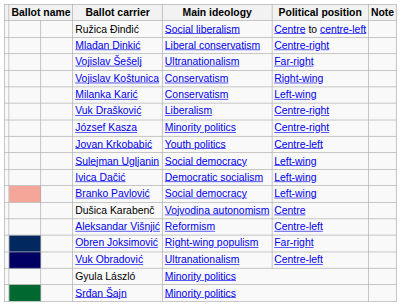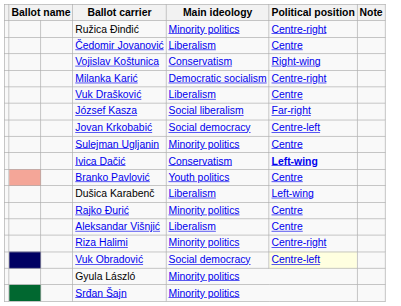 <table class="wikitable">
 <tr>
 <th></th>
 <th colspan="2">Ballot name</th>
 <th>Ballot carrier</th>
 <th>Main ideology</th>
 <th>Political position</th>
 <th>Note </th>
 </tr>
 <tr>
 <td></td>
 <td style="background:"></td>
 <td></td>
 <td>Ružica Đinđić</td>
-<td><a href='#'>Social liberalism</a></td>
-<td><a href='#'>Centre</a> to <a href='#'>centre-left</a></td>
-<td></td>
-</tr>
-<tr>
-<td></td>
-<td style="background:"></td>
-<td></td>
-<td><a href='#'>Mlađan Dinkić</a></td>
-<td><a href='#'>Liberal conservatism</a></td>
+<td><a href='#'>Minority politics</a></td>
 <td><a href='#'>Centre-right</a></td>
 <td></td>
 </tr>
 <tr>
 <td></td>
 <td style="background:"></td>
 <td></td>
-<td><a href='#'>Vojislav Šešelj</a></td>
-<td><a href='#'>Ultranationalism</a></td>
-<td><a href='#'>Far-right</a></td>
+<td><a href='#'>Čedomir Jovanović</a></td>
+<td><a href='#'>Liberalism</a></td>
+<td><a href='#'>Centre</a></td>
 <td></td>
 </tr>
 <tr>
 <td></td>
 <td style="background:"></td>
 <td></td>
 <td><a href='#'>Vojislav Koštunica</a></td>
 <td><a href='#'>Conservatism</a></td>
 <td><a href='#'>Right-wing</a></td>
 <td></td>
 </tr>
 <tr>
 <td></td>
 <td style="background:"></td>
 <td></td>
 <td><a href='#'>Milanka Karić</a></td>
-<td><a href='#'>Conservatism</a></td>
-<td><a href='#'>Left-wing</a></td>
+<td><a href='#'>Democratic socialism</a></td>
+<td><a href='#'>Centre-right</a></td>
 <td></td>
 </tr>
 <tr>
 <td></td>
 <td style="background:"></td>
 <td></td>
 <td><a href='#'>Vuk Drašković</a></td>
 <td><a href='#'>Liberalism</a></td>
-<td><a href='#'>Centre-right</a></td>
+<td><a href='#'>Centre</a></td>
 <td></td>
 </tr>
 <tr>
 <td></td>
 <td style="background:"></td>
 <td></td>
 <td><a href='#'>József Kasza</a></td>
-<td><a href='#'>Minority politics</a></td>
-<td><a href='#'>Centre-right</a></td>
+<td><a href='#'>Social liberalism</a></td>
+<td><a href='#'>Far-right</a></td>
 <td></td>
 </tr>
 <tr>
 <td></td>
 <td style="background:"></td>
 <td></td>
 <td><a href='#'>Jovan Krkobabić</a></td>
-<td><a href='#'>Youth politics</a></td>
+<td><a href='#'>Social democracy</a></td>
 <td><a href='#'>Centre-left</a></td>
 <td></td>
 </tr>
 <tr>
 <td></td>
 <td style="background:"></td>
 <td></td>
 <td><a href='#'>Sulejman Ugljanin</a></td>
-<td><a href='#'>Social democracy</a></td>
+<td><a href='#'>Minority politics</a></td>
+<td><a href='#'>Centre</a></td>
+<td></td>
+</tr>
+<tr>
+<td></td>
+<td style="background:"></td>
+<td></td>
+<td><a href='#'>Ivica Dačić</a></td>
+<td><a href='#'>Conservatism</a></td>
+<td><strong><a href='#'>Left-wing</a></strong></td>
+<td></td>
+</tr>
+<tr>
+<td></td>
+<td style="background:#F4A698"></td>
+<td></td>
+<td><a href='#'>Branko Pavlović</a></td>
+<td><a href='#'>Youth politics</a></td>
+<td><a href='#'>Centre</a></td>
+<td></td>
+</tr>
+<tr>
+<td></td>
+<td style="background:"></td>
+<td></td>
+<td>Dušica Karabenč</td>
+<td><a href='#'>Liberalism</a></td>
 <td><a href='#'>Left-wing</a></td>
 <td></td>
 </tr>
 <tr>
 <td></td>
 <td style="background:"></td>
 <td></td>
-<td><a href='#'>Ivica Dačić</a></td>
-<td><a href='#'>Democratic socialism</a></td>
-<td><a href='#'>Left-wing</a></td>
-<td></td>
-</tr>
-<tr>
-<td></td>
-<td style="background:#F4A698"></td>
-<td></td>
-<td><a href='#'>Branko Pavlović</a></td>
-<td><a href='#'>Social democracy</a></td>
-<td><a href='#'>Left-wing</a></td>
-<td></td>
-</tr>
-<tr>
-<td></td>
-<td style="background:"></td>
-<td></td>
-<td>Dušica Karabenč</td>
-<td><a href='#'>Vojvodina autonomism</a></td>
+<td><a href='#'>Rajko Đurić</a></td>
+<td><a href='#'>Minority politics</a></td>
 <td><a href='#'>Centre</a></td>
 <td></td>
 </tr>
 <tr>
 <td></td>
 <td style="background:"></td>
 <td></td>
 <td><a href='#'>Aleksandar Višnjić</a></td>
-<td><a href='#'>Reformism</a></td>
-<td><a href='#'>Centre-left</a></td>
+<td><a href='#'>Liberalism</a></td>
+<td><a href='#'>Centre</a></td>
 <td></td>
 </tr>
 <tr>
 <td></td>
-<td style="background:#01295F"></td>
+<td style="background:"></td>
 <td></td>
-<td><a href='#'>Obren Joksimović</a></td>
-<td><a href='#'>Right-wing populism</a></td>
-<td><a href='#'>Far-right</a></td>
+<td><a href='#'>Riza Halimi</a></td>
+<td><a href='#'>Minority politics</a></td>
+<td><a href='#'>Centre-right</a></td>
 <td></td>
 </tr>
 <tr>
 <td></td>
 <td style="background:#000063"></td>
 <td></td>
 <td><a href='#'>Vuk Obradović</a></td>
-<td><a href='#'>Ultranationalism</a></td>
-<td><a href='#'>Centre-left</a></td>
+<td><a href='#'>Social democracy</a></td>
+<td style="background: lightyellow;"><a href='#'>Centre-left</a></td>
 <td></td>
 </tr>
 <tr>
 <td></td>
 <td style="background:"></td>
 <td></td>
 <td>Gyula László</td>
 <td colspan="2"><a href='#'>Minority politics</a></td>
 <td></td>
 </tr>
 <tr>
 <td></td>
 <td style="background:#016830"></td>
 <td></td>
 <td><a href='#'>Srđan Šajn</a></td>
 <td colspan="2"><a href='#'>Minority politics</a></td>
 <td></td>
 </tr>
 </table>
